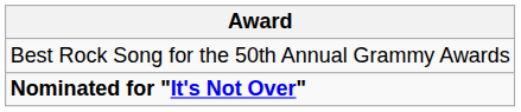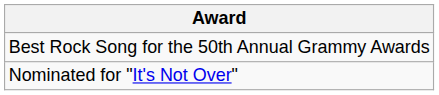 <table class="wikitable">
 <tr>
 <th>Award</th>
 </tr>
 <tr>
 <td>Best Rock Song for the 50th Annual Grammy Awards</td>
 </tr>
 <tr>
-<td><strong>Nominated for "<a href='#'>It's Not Over</a>"</strong></td>
+<td>Nominated for "<a href='#'>It's Not Over</a>"</td>
 </tr>
 </table>
